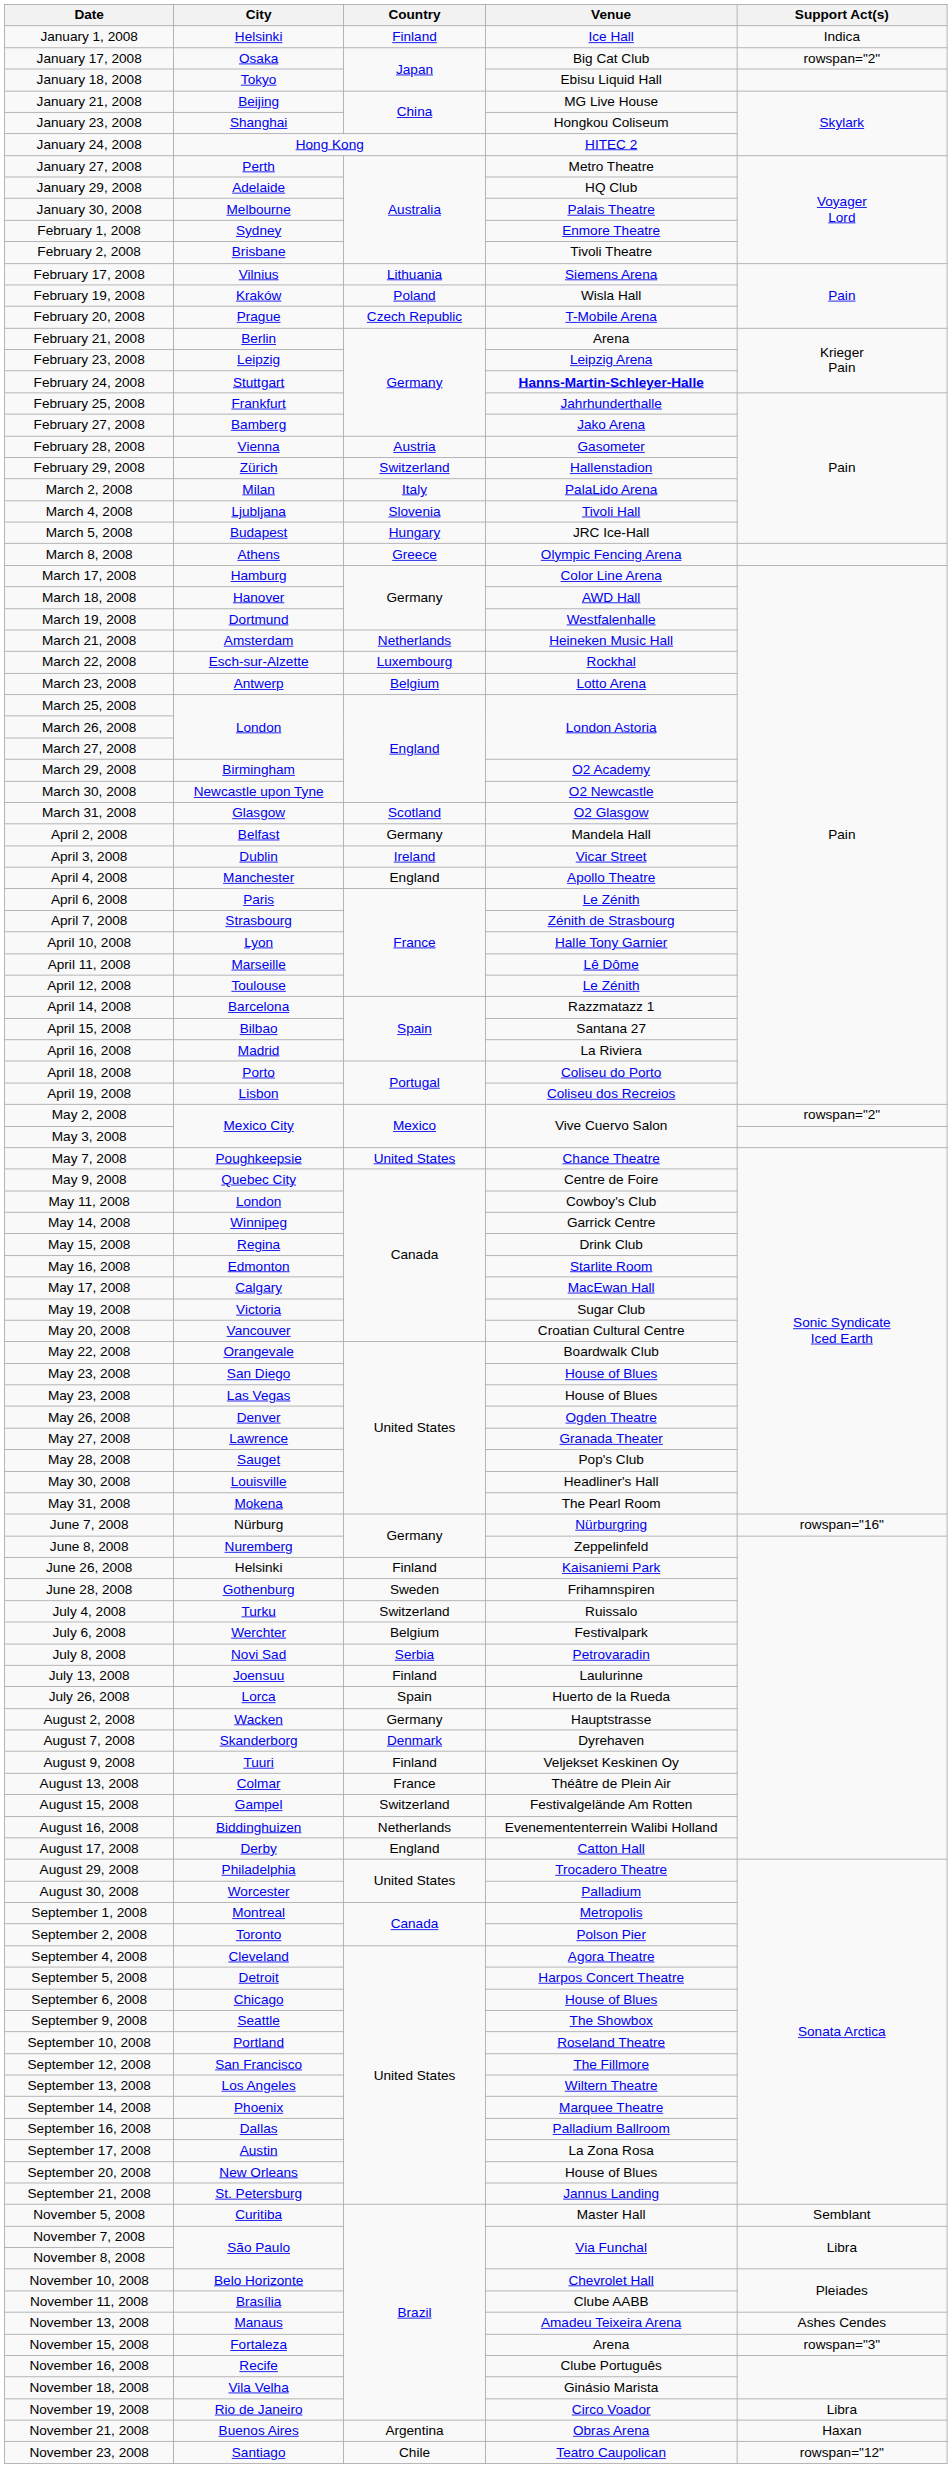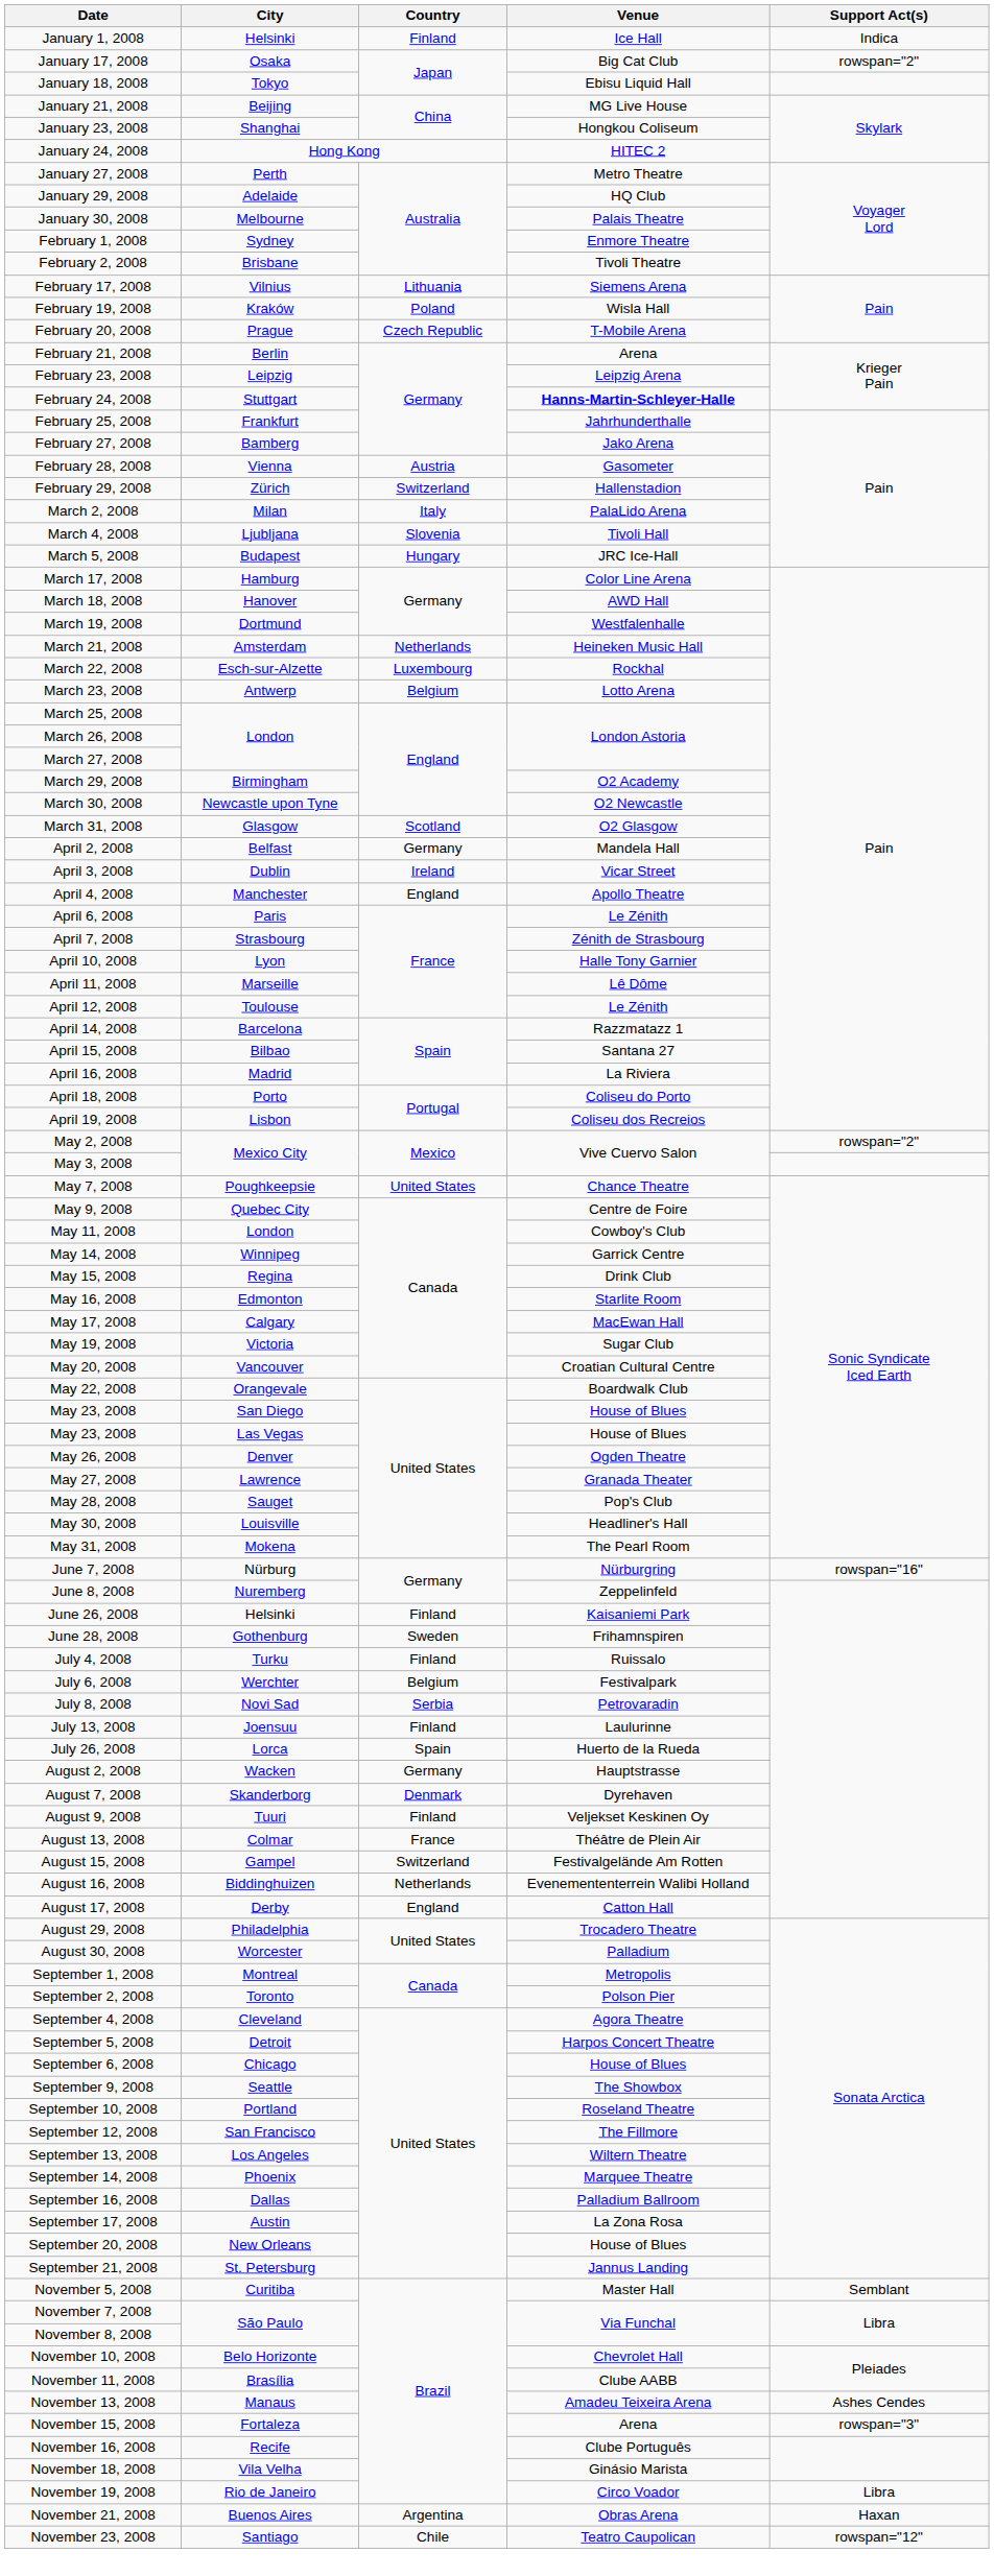 <table class="wikitable plainrowheaders" style="text-align:center;">
 <tr>
 <th scope="col" style="width:12em;">Date</th>
 <th scope="col" style="width:12em;">City</th>
 <th scope="col" style="width:10em;">Country</th>
 <th scope="col" style="width:18em;">Venue</th>
 <th scope="col" style="width:15em;">Support Act(s)</th>
 </tr>
 <tr>
 <td>January 1, 2008</td>
 <td><a href='#'>Helsinki</a></td>
 <td><a href='#'>Finland</a></td>
 <td><a href='#'>Ice Hall</a></td>
 <td>Indica</td>
 </tr>
 <tr>
 <td>January 17, 2008</td>
 <td><a href='#'>Osaka</a></td>
 <td rowspan="2"><a href='#'>Japan</a></td>
 <td>Big Cat Club</td>
 <td>rowspan="2" </td>
 </tr>
 <tr>
 <td>January 18, 2008</td>
 <td><a href='#'>Tokyo</a></td>
 <td>Ebisu Liquid Hall</td>
 </tr>
 <tr>
 <td>January 21, 2008</td>
 <td><a href='#'>Beijing</a></td>
 <td rowspan="2"><a href='#'>China</a></td>
 <td>MG Live House</td>
 <td rowspan="3"><a href='#'>Skylark</a></td>
 </tr>
 <tr>
 <td>January 23, 2008</td>
 <td><a href='#'>Shanghai</a></td>
 <td>Hongkou Coliseum</td>
 </tr>
 <tr>
 <td>January 24, 2008</td>
 <td colspan="2"><a href='#'>Hong Kong</a></td>
 <td><a href='#'>HITEC 2</a></td>
 </tr>
 <tr>
 <td>January 27, 2008</td>
 <td><a href='#'>Perth</a></td>
 <td rowspan="5"><a href='#'>Australia</a></td>
 <td>Metro Theatre</td>
 <td rowspan="5"><a href='#'>Voyager</a><br><a href='#'>Lord</a></td>
 </tr>
 <tr>
 <td>January 29, 2008</td>
 <td><a href='#'>Adelaide</a></td>
 <td>HQ Club</td>
 </tr>
 <tr>
 <td>January 30, 2008</td>
 <td><a href='#'>Melbourne</a></td>
 <td><a href='#'>Palais Theatre</a></td>
 </tr>
 <tr>
 <td>February 1, 2008</td>
 <td><a href='#'>Sydney</a></td>
 <td><a href='#'>Enmore Theatre</a></td>
 </tr>
 <tr>
 <td>February 2, 2008</td>
 <td><a href='#'>Brisbane</a></td>
 <td>Tivoli Theatre</td>
 </tr>
 <tr>
 <td>February 17, 2008</td>
 <td><a href='#'>Vilnius</a></td>
 <td><a href='#'>Lithuania</a></td>
 <td><a href='#'>Siemens Arena</a></td>
 <td rowspan="3"><a href='#'>Pain</a></td>
 </tr>
 <tr>
 <td>February 19, 2008</td>
 <td><a href='#'>Kraków</a></td>
 <td><a href='#'>Poland</a></td>
 <td>Wisla Hall</td>
 </tr>
 <tr>
 <td>February 20, 2008</td>
 <td><a href='#'>Prague</a></td>
 <td><a href='#'>Czech Republic</a></td>
 <td><a href='#'>T-Mobile Arena</a></td>
 </tr>
 <tr>
 <td>February 21, 2008</td>
 <td><a href='#'>Berlin</a></td>
 <td rowspan="5"><a href='#'>Germany</a></td>
 <td>Arena</td>
 <td rowspan="3">Krieger<br>Pain</td>
 </tr>
 <tr>
 <td>February 23, 2008</td>
 <td><a href='#'>Leipzig</a></td>
 <td><a href='#'>Leipzig Arena</a></td>
 </tr>
 <tr>
 <td>February 24, 2008</td>
 <td><a href='#'>Stuttgart</a></td>
 <td><strong><a href='#'>Hanns-Martin-Schleyer-Halle</a></strong></td>
 </tr>
 <tr>
 <td>February 25, 2008</td>
 <td><a href='#'>Frankfurt</a></td>
 <td><a href='#'>Jahrhunderthalle</a></td>
 <td rowspan="7">Pain</td>
 </tr>
 <tr>
 <td>February 27, 2008</td>
 <td><a href='#'>Bamberg</a></td>
 <td><a href='#'>Jako Arena</a></td>
 </tr>
 <tr>
 <td>February 28, 2008</td>
 <td><a href='#'>Vienna</a></td>
 <td><a href='#'>Austria</a></td>
 <td><a href='#'>Gasometer</a></td>
 </tr>
 <tr>
 <td>February 29, 2008</td>
 <td><a href='#'>Zürich</a></td>
 <td><a href='#'>Switzerland</a></td>
 <td><a href='#'>Hallenstadion</a></td>
 </tr>
 <tr>
 <td>March 2, 2008</td>
 <td><a href='#'>Milan</a></td>
 <td><a href='#'>Italy</a></td>
 <td><a href='#'>PalaLido Arena</a></td>
 </tr>
 <tr>
 <td>March 4, 2008</td>
 <td><a href='#'>Ljubljana</a></td>
 <td><a href='#'>Slovenia</a></td>
 <td><a href='#'>Tivoli Hall</a></td>
 </tr>
 <tr>
 <td>March 5, 2008</td>
 <td><a href='#'>Budapest</a></td>
 <td><a href='#'>Hungary</a></td>
 <td>JRC Ice-Hall</td>
-</tr>
-<tr>
-<td>March 8, 2008</td>
-<td><a href='#'>Athens</a></td>
-<td><a href='#'>Greece</a></td>
-<td><a href='#'>Olympic Fencing Arena</a></td>
-<td></td>
 </tr>
 <tr>
 <td>March 17, 2008</td>
 <td><a href='#'>Hamburg</a></td>
 <td rowspan="3">Germany</td>
 <td><a href='#'>Color Line Arena</a></td>
 <td rowspan="25">Pain</td>
 </tr>
 <tr>
 <td>March 18, 2008</td>
 <td><a href='#'>Hanover</a></td>
 <td><a href='#'>AWD Hall</a></td>
 </tr>
 <tr>
 <td>March 19, 2008</td>
 <td><a href='#'>Dortmund</a></td>
 <td><a href='#'>Westfalenhalle</a></td>
 </tr>
 <tr>
 <td>March 21, 2008</td>
 <td><a href='#'>Amsterdam</a></td>
 <td><a href='#'>Netherlands</a></td>
 <td><a href='#'>Heineken Music Hall</a></td>
 </tr>
 <tr>
 <td>March 22, 2008</td>
 <td><a href='#'>Esch-sur-Alzette</a></td>
 <td><a href='#'>Luxembourg</a></td>
 <td><a href='#'>Rockhal</a></td>
 </tr>
 <tr>
 <td>March 23, 2008</td>
 <td><a href='#'>Antwerp</a></td>
 <td><a href='#'>Belgium</a></td>
 <td><a href='#'>Lotto Arena</a></td>
 </tr>
 <tr>
 <td>March 25, 2008</td>
 <td rowspan="3"><a href='#'>London</a></td>
 <td rowspan="5"><a href='#'>England</a></td>
 <td rowspan="3"><a href='#'>London Astoria</a></td>
 </tr>
 <tr>
 <td>March 26, 2008</td>
 </tr>
 <tr>
 <td>March 27, 2008</td>
 </tr>
 <tr>
 <td>March 29, 2008</td>
 <td><a href='#'>Birmingham</a></td>
 <td><a href='#'>O2 Academy</a></td>
 </tr>
 <tr>
 <td>March 30, 2008</td>
 <td><a href='#'>Newcastle upon Tyne</a></td>
 <td><a href='#'>O2 Newcastle</a></td>
 </tr>
 <tr>
 <td>March 31, 2008</td>
 <td><a href='#'>Glasgow</a></td>
 <td><a href='#'>Scotland</a></td>
 <td><a href='#'>O2 Glasgow</a></td>
 </tr>
 <tr>
 <td>April 2, 2008</td>
 <td><a href='#'>Belfast</a></td>
 <td>Germany</td>
 <td>Mandela Hall</td>
 </tr>
 <tr>
 <td>April 3, 2008</td>
 <td><a href='#'>Dublin</a></td>
 <td><a href='#'>Ireland</a></td>
 <td><a href='#'>Vicar Street</a></td>
 </tr>
 <tr>
 <td>April 4, 2008</td>
 <td><a href='#'>Manchester</a></td>
 <td>England</td>
 <td><a href='#'>Apollo Theatre</a></td>
 </tr>
 <tr>
 <td>April 6, 2008</td>
 <td><a href='#'>Paris</a></td>
 <td rowspan="5"><a href='#'>France</a></td>
 <td><a href='#'>Le Zénith</a></td>
 </tr>
 <tr>
 <td>April 7, 2008</td>
 <td><a href='#'>Strasbourg</a></td>
 <td><a href='#'>Zénith de Strasbourg</a></td>
 </tr>
 <tr>
 <td>April 10, 2008</td>
 <td><a href='#'>Lyon</a></td>
 <td><a href='#'>Halle Tony Garnier</a></td>
 </tr>
 <tr>
 <td>April 11, 2008</td>
 <td><a href='#'>Marseille</a></td>
 <td><a href='#'>Lê Dôme</a></td>
 </tr>
 <tr>
 <td>April 12, 2008</td>
 <td><a href='#'>Toulouse</a></td>
 <td><a href='#'>Le Zénith</a></td>
 </tr>
 <tr>
 <td>April 14, 2008</td>
 <td><a href='#'>Barcelona</a></td>
 <td rowspan="3"><a href='#'>Spain</a></td>
 <td>Razzmatazz 1</td>
 </tr>
 <tr>
 <td>April 15, 2008</td>
 <td><a href='#'>Bilbao</a></td>
 <td>Santana 27</td>
 </tr>
 <tr>
 <td>April 16, 2008</td>
 <td><a href='#'>Madrid</a></td>
 <td>La Riviera</td>
 </tr>
 <tr>
 <td>April 18, 2008</td>
 <td><a href='#'>Porto</a></td>
 <td rowspan="2"><a href='#'>Portugal</a></td>
 <td><a href='#'>Coliseu do Porto</a></td>
 </tr>
 <tr>
 <td>April 19, 2008</td>
 <td><a href='#'>Lisbon</a></td>
 <td><a href='#'>Coliseu dos Recreios</a></td>
 </tr>
 <tr>
 <td>May 2, 2008</td>
 <td rowspan="2"><a href='#'>Mexico City</a></td>
 <td rowspan="2"><a href='#'>Mexico</a></td>
 <td rowspan="2">Vive Cuervo Salon</td>
 <td>rowspan="2" </td>
 </tr>
 <tr>
 <td>May 3, 2008</td>
 </tr>
 <tr>
 <td>May 7, 2008</td>
 <td><a href='#'>Poughkeepsie</a></td>
 <td><a href='#'>United States</a></td>
 <td><a href='#'>Chance Theatre</a></td>
 <td rowspan="17"><a href='#'>Sonic Syndicate</a><br><a href='#'>Iced Earth</a></td>
 </tr>
 <tr>
 <td>May 9, 2008</td>
 <td><a href='#'>Quebec City</a></td>
 <td rowspan="8">Canada</td>
 <td>Centre de Foire</td>
 </tr>
 <tr>
 <td>May 11, 2008</td>
 <td><a href='#'>London</a></td>
 <td>Cowboy's Club</td>
 </tr>
 <tr>
 <td>May 14, 2008</td>
 <td><a href='#'>Winnipeg</a></td>
 <td>Garrick Centre</td>
 </tr>
 <tr>
 <td>May 15, 2008</td>
 <td><a href='#'>Regina</a></td>
 <td>Drink Club</td>
 </tr>
 <tr>
 <td>May 16, 2008</td>
 <td><a href='#'>Edmonton</a></td>
 <td><a href='#'>Starlite Room</a></td>
 </tr>
 <tr>
 <td>May 17, 2008</td>
 <td><a href='#'>Calgary</a></td>
 <td><a href='#'>MacEwan Hall</a></td>
 </tr>
 <tr>
 <td>May 19, 2008</td>
 <td><a href='#'>Victoria</a></td>
 <td>Sugar Club</td>
 </tr>
 <tr>
 <td>May 20, 2008</td>
 <td><a href='#'>Vancouver</a></td>
 <td>Croatian Cultural Centre</td>
 </tr>
 <tr>
 <td>May 22, 2008</td>
 <td><a href='#'>Orangevale</a></td>
 <td rowspan="8">United States</td>
 <td>Boardwalk Club</td>
 </tr>
 <tr>
 <td>May 23, 2008</td>
 <td><a href='#'>San Diego</a></td>
 <td><a href='#'>House of Blues</a></td>
 </tr>
 <tr>
 <td>May 23, 2008</td>
 <td><a href='#'>Las Vegas</a></td>
 <td>House of Blues</td>
 </tr>
 <tr>
 <td>May 26, 2008</td>
 <td><a href='#'>Denver</a></td>
 <td><a href='#'>Ogden Theatre</a></td>
 </tr>
 <tr>
 <td>May 27, 2008</td>
 <td><a href='#'>Lawrence</a></td>
 <td><a href='#'>Granada Theater</a></td>
 </tr>
 <tr>
 <td>May 28, 2008</td>
 <td><a href='#'>Sauget</a></td>
 <td>Pop's Club</td>
 </tr>
 <tr>
 <td>May 30, 2008</td>
 <td><a href='#'>Louisville</a></td>
 <td>Headliner's Hall</td>
 </tr>
 <tr>
 <td>May 31, 2008</td>
 <td><a href='#'>Mokena</a></td>
 <td>The Pearl Room</td>
 </tr>
 <tr>
 <td>June 7, 2008</td>
 <td>Nürburg</td>
 <td rowspan="2">Germany</td>
 <td><a href='#'>Nürburgring</a></td>
 <td>rowspan="16" </td>
 </tr>
 <tr>
 <td>June 8, 2008</td>
 <td><a href='#'>Nuremberg</a></td>
 <td>Zeppelinfeld</td>
 </tr>
 <tr>
 <td>June 26, 2008</td>
 <td>Helsinki</td>
 <td>Finland</td>
 <td><a href='#'>Kaisaniemi Park</a></td>
 </tr>
 <tr>
 <td>June 28, 2008</td>
 <td><a href='#'>Gothenburg</a></td>
 <td>Sweden</td>
 <td>Frihamnspiren</td>
 </tr>
 <tr>
 <td>July 4, 2008</td>
 <td><a href='#'>Turku</a></td>
-<td>Switzerland</td>
+<td>Finland</td>
 <td>Ruissalo</td>
 </tr>
 <tr>
 <td>July 6, 2008</td>
 <td><a href='#'>Werchter</a></td>
 <td>Belgium</td>
 <td>Festivalpark</td>
 </tr>
 <tr>
 <td>July 8, 2008</td>
 <td><a href='#'>Novi Sad</a></td>
 <td><a href='#'>Serbia</a></td>
 <td><a href='#'>Petrovaradin</a></td>
 </tr>
 <tr>
 <td>July 13, 2008</td>
 <td><a href='#'>Joensuu</a></td>
 <td>Finland</td>
 <td>Laulurinne</td>
 </tr>
 <tr>
 <td>July 26, 2008</td>
 <td><a href='#'>Lorca</a></td>
 <td>Spain</td>
 <td>Huerto de la Rueda</td>
 </tr>
 <tr>
 <td>August 2, 2008</td>
 <td><a href='#'>Wacken</a></td>
 <td>Germany</td>
 <td>Hauptstrasse</td>
 </tr>
 <tr>
 <td>August 7, 2008</td>
 <td><a href='#'>Skanderborg</a></td>
 <td><a href='#'>Denmark</a></td>
 <td>Dyrehaven</td>
 </tr>
 <tr>
 <td>August 9, 2008</td>
 <td><a href='#'>Tuuri</a></td>
 <td>Finland</td>
 <td>Veljekset Keskinen Oy</td>
 </tr>
 <tr>
 <td>August 13, 2008</td>
 <td><a href='#'>Colmar</a></td>
 <td>France</td>
 <td>Théâtre de Plein Air</td>
 </tr>
 <tr>
 <td>August 15, 2008</td>
 <td><a href='#'>Gampel</a></td>
 <td>Switzerland</td>
 <td>Festivalgelände Am Rotten</td>
 </tr>
 <tr>
 <td>August 16, 2008</td>
 <td><a href='#'>Biddinghuizen</a></td>
 <td>Netherlands</td>
 <td>Evenemententerrein Walibi Holland</td>
 </tr>
 <tr>
 <td>August 17, 2008</td>
 <td><a href='#'>Derby</a></td>
 <td>England</td>
 <td><a href='#'>Catton Hall</a></td>
 </tr>
 <tr>
 <td>August 29, 2008</td>
 <td><a href='#'>Philadelphia</a></td>
 <td rowspan="2">United States</td>
 <td><a href='#'>Trocadero Theatre</a></td>
 <td rowspan="16"><a href='#'>Sonata Arctica</a></td>
 </tr>
 <tr>
 <td>August 30, 2008</td>
 <td><a href='#'>Worcester</a></td>
 <td><a href='#'>Palladium</a></td>
 </tr>
 <tr>
 <td>September 1, 2008</td>
 <td><a href='#'>Montreal</a></td>
 <td rowspan="2"><a href='#'>Canada</a></td>
 <td><a href='#'>Metropolis</a></td>
 </tr>
 <tr>
 <td>September 2, 2008</td>
 <td><a href='#'>Toronto</a></td>
 <td><a href='#'>Polson Pier</a></td>
 </tr>
 <tr>
 <td>September 4, 2008</td>
 <td><a href='#'>Cleveland</a></td>
 <td rowspan="12">United States</td>
 <td><a href='#'>Agora Theatre</a></td>
 </tr>
 <tr>
 <td>September 5, 2008</td>
 <td><a href='#'>Detroit</a></td>
 <td><a href='#'>Harpos Concert Theatre</a></td>
 </tr>
 <tr>
 <td>September 6, 2008</td>
 <td><a href='#'>Chicago</a></td>
 <td><a href='#'>House of Blues</a></td>
 </tr>
 <tr>
 <td>September 9, 2008</td>
 <td><a href='#'>Seattle</a></td>
 <td><a href='#'>The Showbox</a></td>
 </tr>
 <tr>
 <td>September 10, 2008</td>
 <td><a href='#'>Portland</a></td>
 <td><a href='#'>Roseland Theatre</a></td>
 </tr>
 <tr>
 <td>September 12, 2008</td>
 <td><a href='#'>San Francisco</a></td>
 <td><a href='#'>The Fillmore</a></td>
 </tr>
 <tr>
 <td>September 13, 2008</td>
 <td><a href='#'>Los Angeles</a></td>
 <td><a href='#'>Wiltern Theatre</a></td>
 </tr>
 <tr>
 <td>September 14, 2008</td>
 <td><a href='#'>Phoenix</a></td>
 <td><a href='#'>Marquee Theatre</a></td>
 </tr>
 <tr>
 <td>September 16, 2008</td>
 <td><a href='#'>Dallas</a></td>
 <td><a href='#'>Palladium Ballroom</a></td>
 </tr>
 <tr>
 <td>September 17, 2008</td>
 <td><a href='#'>Austin</a></td>
 <td>La Zona Rosa</td>
 </tr>
 <tr>
 <td>September 20, 2008</td>
 <td><a href='#'>New Orleans</a></td>
 <td>House of Blues</td>
 </tr>
 <tr>
 <td>September 21, 2008</td>
 <td><a href='#'>St. Petersburg</a></td>
 <td><a href='#'>Jannus Landing</a></td>
 </tr>
 <tr>
 <td>November 5, 2008</td>
 <td><a href='#'>Curitiba</a></td>
 <td rowspan="10"><a href='#'>Brazil</a></td>
 <td>Master Hall</td>
 <td>Semblant</td>
 </tr>
 <tr>
 <td>November 7, 2008</td>
 <td rowspan="2"><a href='#'>São Paulo</a></td>
 <td rowspan="2"><a href='#'>Via Funchal</a></td>
 <td rowspan="2">Libra</td>
 </tr>
 <tr>
 <td>November 8, 2008</td>
 </tr>
 <tr>
 <td>November 10, 2008</td>
 <td><a href='#'>Belo Horizonte</a></td>
 <td><a href='#'>Chevrolet Hall</a></td>
 <td rowspan="2">Pleiades</td>
 </tr>
 <tr>
 <td>November 11, 2008</td>
 <td><a href='#'>Brasília</a></td>
 <td>Clube AABB</td>
 </tr>
 <tr>
 <td>November 13, 2008</td>
 <td><a href='#'>Manaus</a></td>
 <td><a href='#'>Amadeu Teixeira Arena</a></td>
 <td>Ashes Cendes</td>
 </tr>
 <tr>
 <td>November 15, 2008</td>
 <td><a href='#'>Fortaleza</a></td>
 <td>Arena</td>
 <td>rowspan="3" </td>
 </tr>
 <tr>
 <td>November 16, 2008</td>
 <td><a href='#'>Recife</a></td>
 <td>Clube Português</td>
 </tr>
 <tr>
 <td>November 18, 2008</td>
 <td><a href='#'>Vila Velha</a></td>
 <td>Ginásio Marista</td>
 </tr>
 <tr>
 <td>November 19, 2008</td>
 <td><a href='#'>Rio de Janeiro</a></td>
 <td><a href='#'>Circo Voador</a></td>
 <td>Libra</td>
 </tr>
 <tr>
 <td>November 21, 2008</td>
 <td><a href='#'>Buenos Aires</a></td>
 <td>Argentina</td>
 <td><a href='#'>Obras Arena</a></td>
 <td>Haxan</td>
 </tr>
 <tr>
 <td>November 23, 2008</td>
 <td><a href='#'>Santiago</a></td>
 <td>Chile</td>
 <td><a href='#'>Teatro Caupolican</a></td>
 <td>rowspan="12" </td>
 </tr>
 </table>
